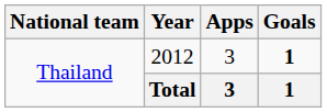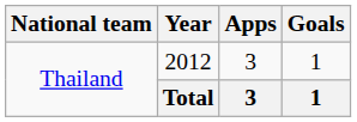 <table class="wikitable" style="text-align:center">
 <tr>
 <th>National team</th>
 <th>Year</th>
 <th>Apps</th>
 <th>Goals</th>
 </tr>
 <tr>
 <td rowspan="2" valign="center"><a href='#'>Thailand</a></td>
 <td>2012</td>
 <td>3</td>
-<td><strong>1</strong></td>
+<td>1</td>
 </tr>
 <tr>
 <th>Total</th>
 <th>3</th>
 <th>1</th>
 </tr>
 </table>
